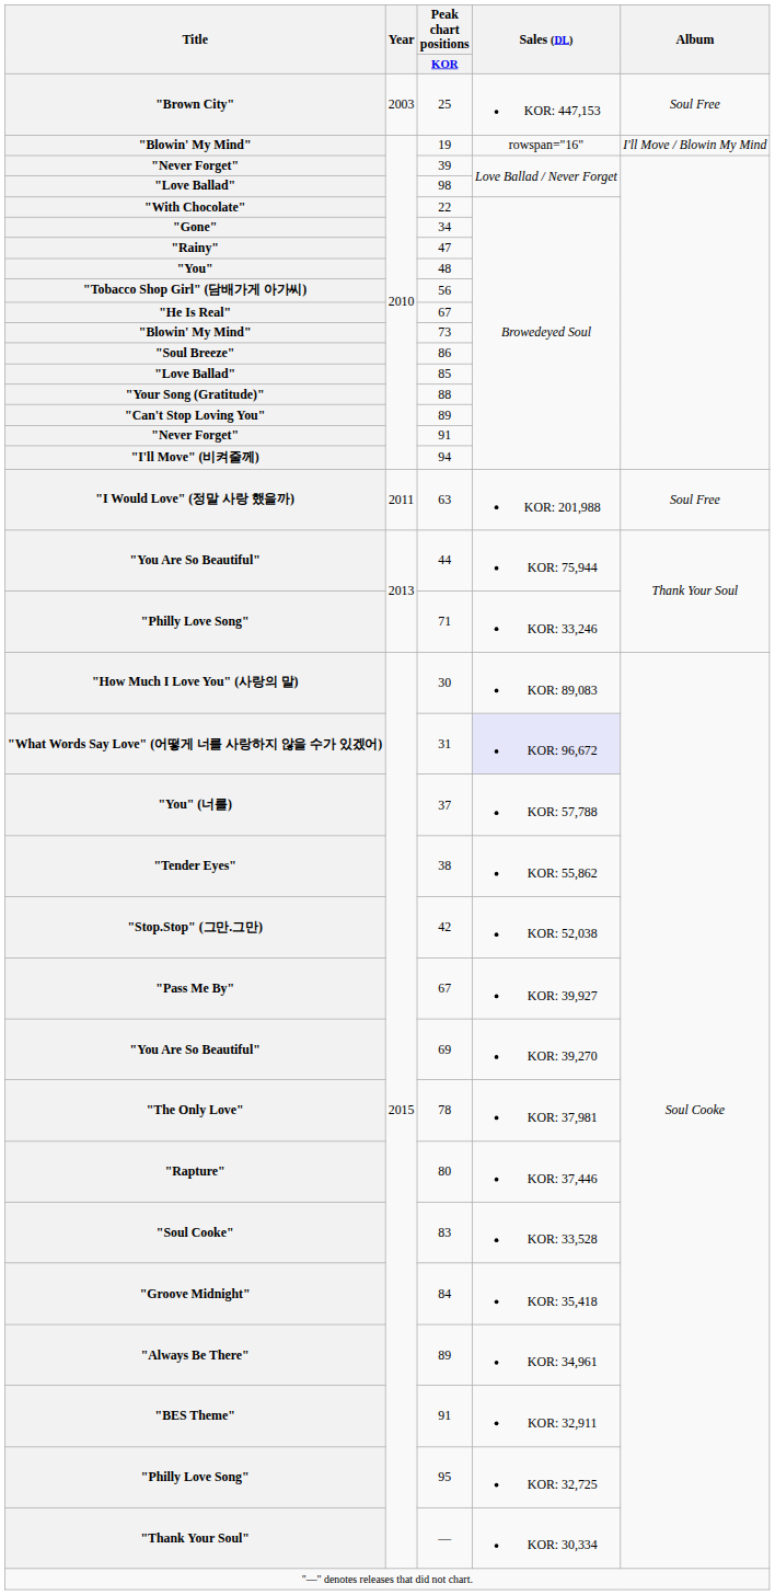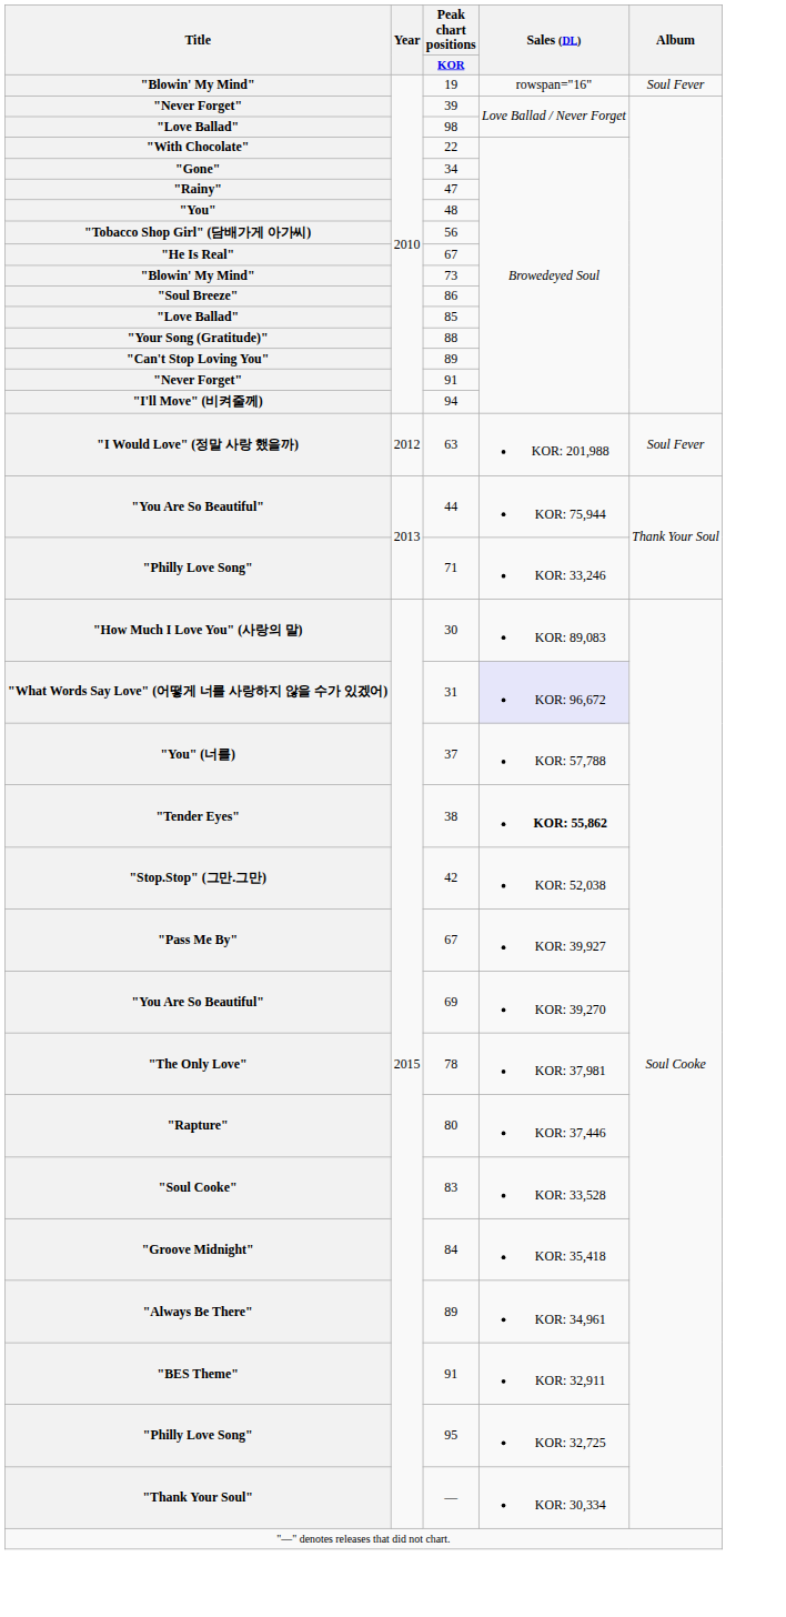 <table class="wikitable plainrowheaders" style="text-align:center;">
 <tr>
 <th scope="col" rowspan="2">Title</th>
 <th scope="col" rowspan="2">Year</th>
 <th scope="col" colspan="1">Peak chart positions</th>
 <th scope="col" rowspan="2">Sales <small>(<a href='#'>DL</a>)</small></th>
 <th scope="col" rowspan="2">Album</th>
 </tr>
 <tr>
 <th scope="col" style="width:3.5em;font-size:90%;"><a href='#'>KOR</a><br></th>
 </tr>
 <tr>
-<th scope="row">"Brown City"</th>
-<td>2003</td>
-<td>25</td>
-<td><br><ul><li>KOR: 447,153</li></ul></td>
-<td><em>Soul Free</em></td>
-</tr>
-<tr>
 <th scope="row">"Blowin' My Mind"</th>
 <td rowspan="16">2010</td>
 <td>19</td>
 <td>rowspan="16" </td>
-<td><em>I'll Move / Blowin My Mind</em></td>
+<td><em>Soul Fever</em></td>
 </tr>
 <tr>
 <th scope="row">"Never Forget"</th>
 <td>39</td>
 <td rowspan="2"><em>Love Ballad / Never Forget</em></td>
 </tr>
 <tr>
 <th scope="row">"Love Ballad" </th>
 <td>98</td>
 </tr>
 <tr>
 <th scope="row">"With Chocolate"</th>
 <td>22</td>
 <td rowspan="13"><em>Browedeyed Soul</em></td>
 </tr>
 <tr>
 <th scope="row">"Gone"</th>
 <td>34</td>
 </tr>
 <tr>
 <th scope="row">"Rainy"</th>
 <td>47</td>
 </tr>
 <tr>
 <th scope="row">"You"</th>
 <td>48</td>
 </tr>
 <tr>
 <th scope="row">"Tobacco Shop Girl" (담배가게 아가씨)</th>
 <td>56</td>
 </tr>
 <tr>
 <th scope="row">"He Is Real"</th>
 <td>67</td>
 </tr>
 <tr>
 <th scope="row">"Blowin' My Mind"</th>
 <td>73</td>
 </tr>
 <tr>
 <th scope="row">"Soul Breeze"</th>
 <td>86</td>
 </tr>
 <tr>
 <th scope="row">"Love Ballad"</th>
 <td>85</td>
 </tr>
 <tr>
 <th scope="row">"Your Song (Gratitude)"</th>
 <td>88</td>
 </tr>
 <tr>
 <th scope="row">"Can't Stop Loving You"</th>
 <td>89</td>
 </tr>
 <tr>
 <th scope="row">"Never Forget"</th>
 <td>91</td>
 </tr>
 <tr>
 <th scope="row">"I'll Move" (비켜줄께)</th>
 <td>94</td>
 </tr>
 <tr>
 <th scope="row">"I Would Love" (정말 사랑 했을까) </th>
-<td>2011</td>
+<td>2012</td>
 <td>63</td>
 <td><br><ul><li>KOR: 201,988</li></ul></td>
-<td><em>Soul Free</em></td>
+<td><em>Soul Fever</em></td>
 </tr>
 <tr>
 <th scope="row">"You Are So Beautiful"</th>
 <td rowspan="2">2013</td>
 <td>44</td>
 <td><br><ul><li>KOR: 75,944</li></ul></td>
 <td rowspan="2"><em>Thank Your Soul</em></td>
 </tr>
 <tr>
 <th scope="row">"Philly Love Song"</th>
 <td>71</td>
 <td><br><ul><li>KOR: 33,246</li></ul></td>
 </tr>
 <tr>
 <th scope="row">"How Much I Love You" (사랑의 말)</th>
 <td rowspan="15">2015</td>
 <td>30</td>
 <td><br><ul><li>KOR: 89,083</li></ul></td>
 <td rowspan="15"><em>Soul Cooke</em></td>
 </tr>
 <tr>
 <th scope="row">"What Words Say Love" (어떻게 너를 사랑하지 않을 수가 있겠어)</th>
 <td>31</td>
 <td style="background: lavender;"><br><ul><li>KOR: 96,672</li></ul></td>
 </tr>
 <tr>
 <th scope="row">"You" (너를)</th>
 <td>37</td>
 <td><br><ul><li>KOR: 57,788</li></ul></td>
 </tr>
 <tr>
 <th scope="row">"Tender Eyes"<br></th>
 <td>38</td>
-<td><br><ul><li>KOR: 55,862</li></ul></td>
+<td><strong><br><ul><li>KOR: 55,862</li></ul></strong></td>
 </tr>
 <tr>
 <th scope="row">"Stop.Stop" (그만.그만)<br></th>
 <td>42</td>
 <td><br><ul><li>KOR: 52,038</li></ul></td>
 </tr>
 <tr>
 <th scope="row">"Pass Me By"</th>
 <td>67</td>
 <td><br><ul><li>KOR: 39,927</li></ul></td>
 </tr>
 <tr>
 <th scope="row">"You Are So Beautiful"</th>
 <td>69</td>
 <td><br><ul><li>KOR: 39,270</li></ul></td>
 </tr>
 <tr>
 <th scope="row">"The Only Love"</th>
 <td>78</td>
 <td><br><ul><li>KOR: 37,981</li></ul></td>
 </tr>
 <tr>
 <th scope="row">"Rapture"</th>
 <td>80</td>
 <td><br><ul><li>KOR: 37,446</li></ul></td>
 </tr>
 <tr>
 <th scope="row">"Soul Cooke"</th>
 <td>83</td>
 <td><br><ul><li>KOR: 33,528</li></ul></td>
 </tr>
 <tr>
 <th scope="row">"Groove Midnight"</th>
 <td>84</td>
 <td><br><ul><li>KOR: 35,418</li></ul></td>
 </tr>
 <tr>
 <th scope="row">"Always Be There"</th>
 <td>89</td>
 <td><br><ul><li>KOR: 34,961</li></ul></td>
 </tr>
 <tr>
 <th scope="row">"BES Theme"</th>
 <td>91</td>
 <td><br><ul><li>KOR: 32,911</li></ul></td>
 </tr>
 <tr>
 <th scope="row">"Philly Love Song"</th>
 <td>95</td>
 <td><br><ul><li>KOR: 32,725</li></ul></td>
 </tr>
 <tr>
 <th scope="row">"Thank Your Soul"</th>
 <td>—</td>
 <td><br><ul><li>KOR: 30,334</li></ul></td>
 </tr>
 <tr>
 <td colspan="5" align="center"><small>"—" denotes releases that did not chart.</small></td>
 </tr>
 </table>
